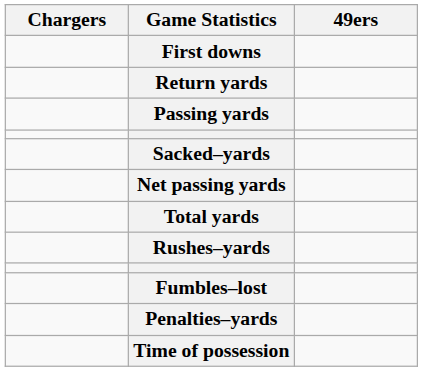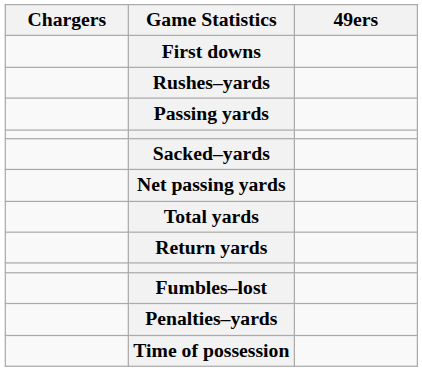 <table class="wikitable" style="margin: 1em auto 1em auto">
 <tr>
 <th style="width:30%;">Chargers</th>
 <th style="width:40%;">Game Statistics</th>
 <th style="width:30%;">49ers</th>
 </tr>
 <tr>
 <td style="text-align:right;"></td>
 <th>First downs</th>
 <td></td>
 </tr>
 <tr>
 <td style="text-align:right;"></td>
-<th>Return yards</th>
+<th>Rushes–yards</th>
 <td></td>
 </tr>
 <tr>
 <td style="text-align:right;"></td>
 <th>Passing yards</th>
 <td></td>
 </tr>
 <tr>
 <td style="text-align:right;"></td>
 <th></th>
 <td></td>
 </tr>
 <tr>
 <td style="text-align:right;"></td>
 <th>Sacked–yards</th>
 <td></td>
 </tr>
 <tr>
 <td style="text-align:right;"></td>
 <th>Net passing yards</th>
 <td></td>
 </tr>
 <tr>
 <td style="text-align:right;"></td>
 <th>Total yards</th>
 <td></td>
 </tr>
 <tr>
 <td style="text-align:right;"></td>
-<th>Rushes–yards</th>
+<th>Return yards</th>
 <td></td>
 </tr>
 <tr>
 <td style="text-align:right;"></td>
 <th></th>
 <td></td>
 </tr>
 <tr>
 <td style="text-align:right;"></td>
 <th>Fumbles–lost</th>
 <td></td>
 </tr>
 <tr>
 <td style="text-align:right;"></td>
 <th>Penalties–yards</th>
 <td></td>
 </tr>
 <tr>
 <td style="text-align:right;"></td>
 <th>Time of possession</th>
 <td></td>
 </tr>
 </table>
